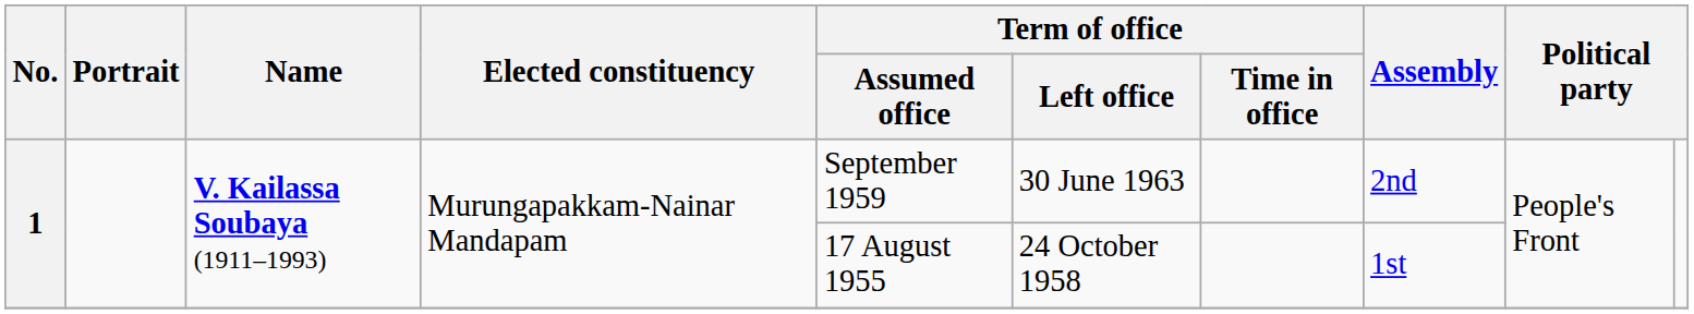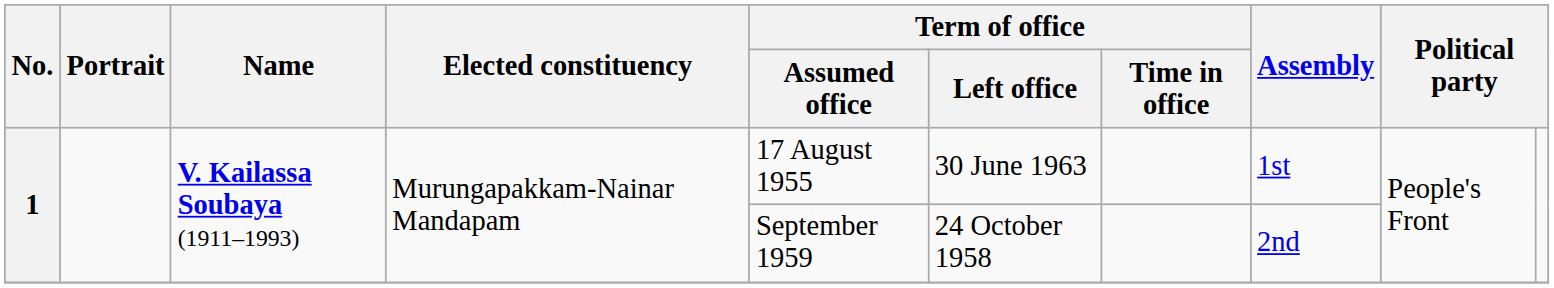 <table class="wikitable sortable">
 <tr>
 <th rowspan="2">No.</th>
 <th rowspan="2">Portrait</th>
 <th rowspan="2">Name<br><small></small></th>
 <th rowspan="2">Elected constituency</th>
 <th colspan="3">Term of office</th>
 <th rowspan="2"><a href='#'>Assembly</a><br></th>
 <th rowspan="2" colspan="2">Political party</th>
 </tr>
 <tr>
 <th>Assumed office</th>
 <th>Left office</th>
 <th>Time in office</th>
 </tr>
 <tr>
 <th rowspan = "2">1</th>
 <td rowspan = "2"></td>
 <td rowspan = "2"><strong><a href='#'>V. Kailassa Soubaya</a></strong><br><small>(1911–1993)</small></td>
 <td rowspan = "2">Murungapakkam-Nainar Mandapam</td>
-<td>September 1959</td>
+<td>17 August 1955</td>
 <td>30 June 1963</td>
 <td></td>
-<td><a href='#'>2nd</a><br></td>
+<td><a href='#'>1st</a><br></td>
 <td rowspan = "2">People's Front</td>
 <td rowspan="2" style="background:"></td>
 </tr>
 <tr>
-<td>17 August 1955</td>
+<td>September 1959</td>
 <td>24 October 1958</td>
 <td></td>
-<td><a href='#'>1st</a><br></td>
+<td><a href='#'>2nd</a><br></td>
 </tr>
 <tr>
 </tr>
 </table>
